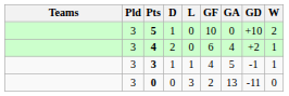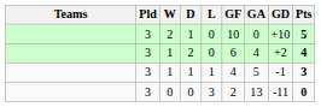 <table class="wikitable" style="text-align: center;">
 <tr>
 <th width=165>Teams</th>
 <th width=20>Pld</th>
-<th width=20>Pts</th>
+<th width=20>W</th>
 <th width=20>D</th>
 <th width=20>L</th>
 <th width=20>GF</th>
 <th width=20>GA</th>
 <th width=20>GD</th>
-<th width=20>W</th>
+<th width=20>Pts</th>
 </tr>
 <tr align=center style="background:#ccffcc;">
 <td style="text-align:left;"></td>
 <td>3</td>
-<td><strong>5</strong></td>
+<td>2</td>
 <td>1</td>
 <td>0</td>
 <td>10</td>
 <td>0</td>
 <td>+10</td>
-<td>2</td>
+<td><strong>5</strong></td>
 </tr>
 <tr align=center style="background:#ccffcc;">
 <td style="text-align:left;"></td>
 <td>3</td>
-<td><strong>4</strong></td>
+<td>1</td>
 <td>2</td>
 <td>0</td>
 <td>6</td>
 <td>4</td>
 <td>+2</td>
-<td>1</td>
+<td><strong>4</strong></td>
 </tr>
 <tr align=center>
 <td style="text-align:left;"></td>
 <td>3</td>
-<td><strong>3</strong></td>
+<td>1</td>
 <td>1</td>
 <td>1</td>
 <td>4</td>
 <td>5</td>
 <td>-1</td>
-<td>1</td>
+<td><strong>3</strong></td>
 </tr>
 <tr align=center>
 <td style="text-align:left;"></td>
 <td>3</td>
-<td><strong>0</strong></td>
+<td>0</td>
 <td>0</td>
 <td>3</td>
 <td>2</td>
 <td>13</td>
 <td>-11</td>
-<td>0</td>
+<td><strong>0</strong></td>
 </tr>
 </table>
